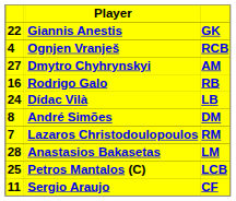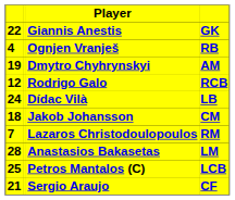 <table class="toccolours" border="0" cellpadding="2" cellspacing="0" align="center" style="margin: 0.5em 0 1em 1em; background: #000000; border: 1px #aaaaaa solid;">
 <tr bgcolor=#FFFF00>
 <th></th>
 <th></th>
 <th>Player</th>
 <th></th>
 </tr>
 <tr bgcolor=#FFFF00>
 <td><strong>22</strong></td>
 <td></td>
 <td><a href='#'><span><strong>Giannis Anestis</strong></span></a></td>
 <td><a href='#'><strong>GK</strong></a></td>
 </tr>
 <tr bgcolor=#FFFF00>
 <td><strong>4</strong></td>
 <td></td>
 <td><a href='#'><span><strong>Ognjen Vranješ</strong></span></a></td>
-<td><a href='#'><strong>RCB</strong></a></td>
+<td><a href='#'><strong>RB</strong></a></td>
 </tr>
 <tr bgcolor=#FFFF00>
-<td><strong>27</strong></td>
+<td><strong>19</strong></td>
 <td></td>
 <td><a href='#'><span><strong>Dmytro Chyhrynskyi</strong></span></a></td>
 <td><a href='#'><strong>AM</strong></a></td>
 </tr>
 <tr bgcolor=#FFFF00>
-<td><strong>16</strong></td>
+<td><strong>12</strong></td>
 <td></td>
 <td><a href='#'><span><strong>Rodrigo Galo</strong></span></a></td>
-<td><a href='#'><strong>RB</strong></a></td>
+<td><a href='#'><strong>RCB</strong></a></td>
 </tr>
 <tr bgcolor=#FFFF00>
 <td><strong>24</strong></td>
 <td></td>
 <td><a href='#'><span><strong>Dídac Vilà</strong></span></a></td>
 <td><a href='#'><strong>LB</strong></a></td>
 </tr>
 <tr bgcolor=#FFFF00>
-<td><strong>8</strong></td>
+<td><strong>18</strong></td>
 <td></td>
-<td><a href='#'><span><strong>André Simões</strong></span></a></td>
-<td><a href='#'><strong>DM</strong></a></td>
+<td><a href='#'><span><strong>Jakob Johansson</strong></span></a></td>
+<td><a href='#'><strong>CM</strong></a></td>
 </tr>
 <tr bgcolor=#FFFF00>
 <td><strong>7</strong></td>
 <td></td>
 <td><a href='#'><span><strong>Lazaros Christodoulopoulos</strong></span></a></td>
 <td><a href='#'><strong>RM</strong></a></td>
 </tr>
 <tr bgcolor=#FFFF00>
 <td><strong>28</strong></td>
 <td></td>
 <td><a href='#'><span><strong>Anastasios Bakasetas</strong></span></a></td>
 <td><a href='#'><strong>LM</strong></a></td>
 </tr>
 <tr bgcolor=#FFFF00>
 <td><strong>25</strong></td>
 <td></td>
 <td><a href='#'><span><strong>Petros Mantalos</strong></span></a> <strong>(C)</strong></td>
 <td><a href='#'><strong>LCB</strong></a></td>
 </tr>
 <tr bgcolor=#FFFF00>
-<td><strong>11</strong></td>
+<td><strong>21</strong></td>
 <td></td>
 <td><a href='#'><span><strong>Sergio Araujo</strong></span></a></td>
 <td><a href='#'><strong>CF</strong></a></td>
 </tr>
 </table>
